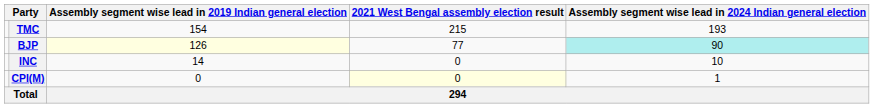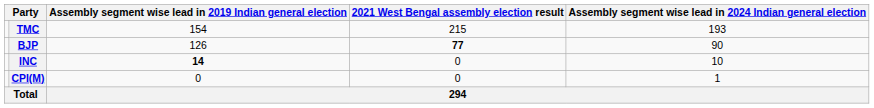 <table class="wikitable" style="text-align:center">
 <tr>
 <th colspan=2>Party</th>
 <th>Assembly segment wise lead in <a href='#'>2019 Indian general election</a></th>
 <th><a href='#'>2021 West Bengal assembly election</a> result</th>
 <th>Assembly segment wise lead in <a href='#'>2024 Indian general election</a></th>
 </tr>
 <tr>
 <td></td>
 <th><a href='#'>TMC</a></th>
 <td>154</td>
 <td>215</td>
 <td>193</td>
 </tr>
 <tr>
 <td></td>
 <th><a href='#'>BJP</a></th>
-<td style="background: lightyellow;">126</td>
-<td>77</td>
-<td style="background: paleturquoise;">90</td>
+<td>126</td>
+<td><strong>77</strong></td>
+<td>90</td>
 </tr>
 <tr>
 <td></td>
 <th><a href='#'>INC</a></th>
-<td>14</td>
+<td><strong>14</strong></td>
 <td>0</td>
 <td>10</td>
 </tr>
 <tr>
 <td></td>
 <th><a href='#'>CPI(M)</a></th>
 <td>0</td>
-<td style="background: lightyellow;">0</td>
+<td>0</td>
 <td>1</td>
 </tr>
 <tr>
 <th colspan="2">Total</th>
 <th colspan="3">294</th>
 </tr>
 </table>
